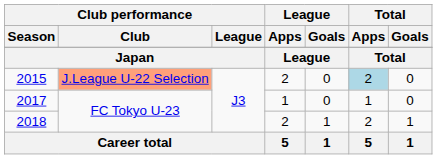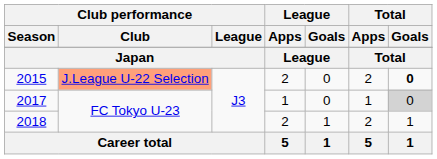 <table class="wikitable" style="text-align:center">
 <tr>
 <th colspan=3>Club performance</th>
 <th colspan=2>League</th>
 <th colspan=2>Total</th>
 </tr>
 <tr>
 <th>Season</th>
 <th>Club</th>
 <th>League</th>
 <th>Apps</th>
 <th>Goals</th>
 <th>Apps</th>
 <th>Goals</th>
 </tr>
 <tr>
 </tr>
 <tr>
 <th colspan=3>Japan</th>
 <th colspan=2>League</th>
 <th colspan=2>Total</th>
 </tr>
 <tr>
 <td><a href='#'>2015</a></td>
 <td style="background: lightsalmon;"><a href='#'>J.League U-22 Selection</a></td>
 <td rowspan=3><a href='#'>J3</a></td>
 <td>2</td>
 <td>0</td>
-<td style="background: lightblue;">2</td>
-<td>0</td>
+<td>2</td>
+<td><strong>0</strong></td>
 </tr>
 <tr>
 <td><a href='#'>2017</a></td>
 <td rowspan=2><a href='#'>FC Tokyo U-23</a></td>
 <td>1</td>
 <td>0</td>
 <td>1</td>
-<td>0</td>
+<td style="background: lightgrey;">0</td>
 </tr>
 <tr>
 <td><a href='#'>2018</a></td>
 <td>2</td>
 <td>1</td>
 <td>2</td>
 <td>1</td>
 </tr>
 <tr>
 <th colspan=3>Career total</th>
 <th>5</th>
 <th>1</th>
 <th>5</th>
 <th>1</th>
 </tr>
 </table>
